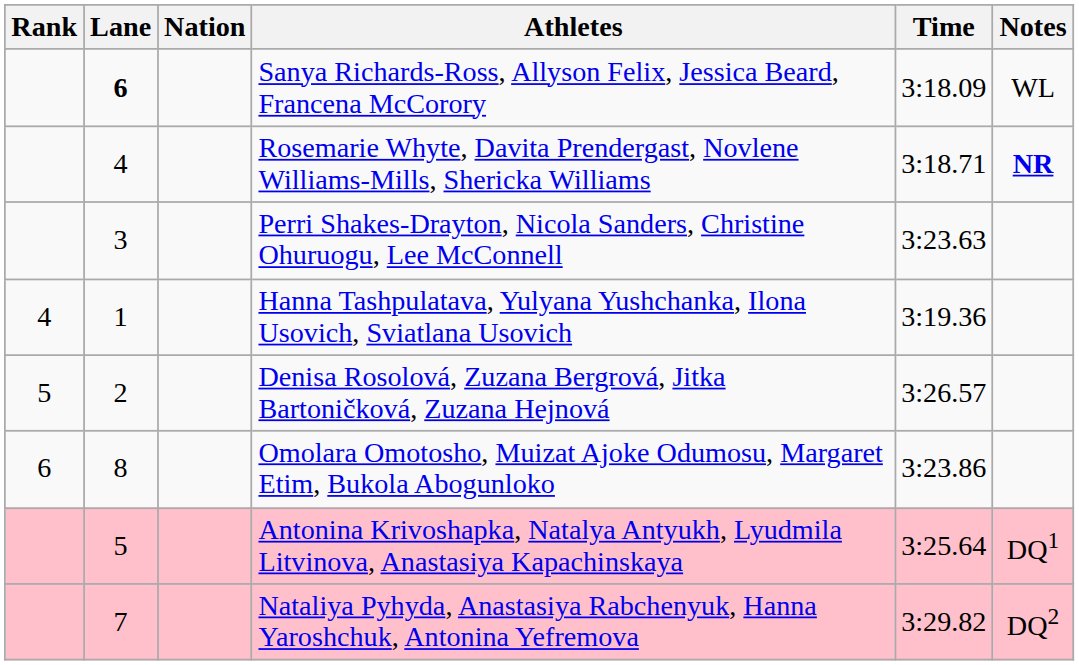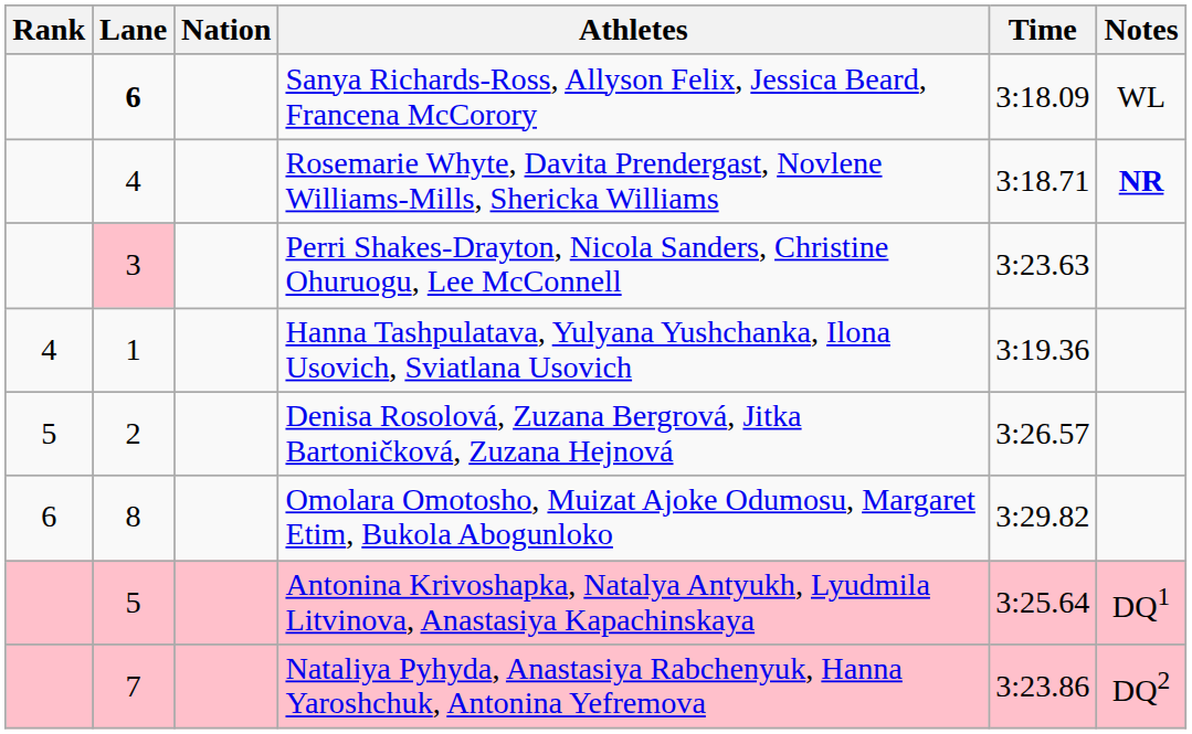 <table class="wikitable sortable" style="text-align:center">
 <tr>
 <th>Rank</th>
 <th>Lane</th>
 <th>Nation</th>
 <th>Athletes</th>
 <th>Time</th>
 <th>Notes</th>
 </tr>
 <tr>
 <td></td>
 <td><strong>6</strong></td>
 <td align=left></td>
 <td align=left><a href='#'>Sanya Richards-Ross</a>, <a href='#'>Allyson Felix</a>, <a href='#'>Jessica Beard</a>, <a href='#'>Francena McCorory</a></td>
 <td>3:18.09</td>
 <td>WL</td>
 </tr>
 <tr>
 <td></td>
 <td>4</td>
 <td align=left></td>
 <td align=left><a href='#'>Rosemarie Whyte</a>, <a href='#'>Davita Prendergast</a>, <a href='#'>Novlene Williams-Mills</a>, <a href='#'>Shericka Williams</a></td>
 <td>3:18.71</td>
 <td><strong><a href='#'>NR</a></strong></td>
 </tr>
 <tr>
 <td></td>
-<td>3</td>
+<td style="background: pink;">3</td>
 <td align=left></td>
 <td align=left><a href='#'>Perri Shakes-Drayton</a>, <a href='#'>Nicola Sanders</a>, <a href='#'>Christine Ohuruogu</a>, <a href='#'>Lee McConnell</a></td>
 <td>3:23.63</td>
 <td></td>
 </tr>
 <tr>
 <td>4</td>
 <td>1</td>
 <td align=left></td>
 <td align=left><a href='#'>Hanna Tashpulatava</a>, <a href='#'>Yulyana Yushchanka</a>, <a href='#'>Ilona Usovich</a>, <a href='#'>Sviatlana Usovich</a></td>
 <td>3:19.36</td>
 <td></td>
 </tr>
 <tr>
 <td>5</td>
 <td>2</td>
 <td align=left></td>
 <td align=left><a href='#'>Denisa Rosolová</a>, <a href='#'>Zuzana Bergrová</a>, <a href='#'>Jitka Bartoničková</a>, <a href='#'>Zuzana Hejnová</a></td>
 <td>3:26.57</td>
 <td></td>
 </tr>
 <tr>
 <td>6</td>
 <td>8</td>
 <td align=left></td>
 <td align=left><a href='#'>Omolara Omotosho</a>, <a href='#'>Muizat Ajoke Odumosu</a>, <a href='#'>Margaret Etim</a>, <a href='#'>Bukola Abogunloko</a></td>
-<td>3:23.86</td>
+<td>3:29.82</td>
 <td></td>
 </tr>
 <tr style="background:pink;">
 <td></td>
 <td>5</td>
 <td align=left></td>
 <td align=left><a href='#'>Antonina Krivoshapka</a>, <a href='#'>Natalya Antyukh</a>, <a href='#'>Lyudmila Litvinova</a>, <a href='#'>Anastasiya Kapachinskaya</a></td>
 <td>3:25.64</td>
 <td>DQ<sup>1</sup></td>
 </tr>
 <tr style="background:pink;">
 <td></td>
 <td>7</td>
 <td align=left></td>
 <td align=left><a href='#'>Nataliya Pyhyda</a>, <a href='#'>Anastasiya Rabchenyuk</a>, <a href='#'>Hanna Yaroshchuk</a>, <a href='#'>Antonina Yefremova</a></td>
-<td>3:29.82</td>
+<td>3:23.86</td>
 <td>DQ<sup>2</sup></td>
 </tr>
 </table>
